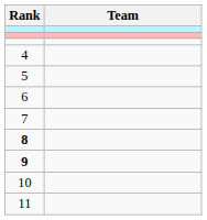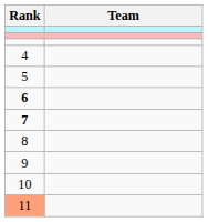 <table class="wikitable">
 <tr>
 <th width=40>Rank</th>
 <th width=180>Team</th>
 </tr>
 <tr bgcolor=#BBF3FF>
 <td align=center></td>
 <td></td>
 </tr>
 <tr bgcolor=#FFBBBB>
 <td align=center></td>
 <td></td>
 </tr>
 <tr>
 <td align=center></td>
 <td></td>
 </tr>
 <tr>
 <td align=center>4</td>
 <td></td>
 </tr>
 <tr>
 <td align=center>5</td>
 <td></td>
 </tr>
 <tr>
-<td align=center>6</td>
+<td align=center><strong>6</strong></td>
 <td></td>
 </tr>
 <tr>
-<td align=center>7</td>
+<td align=center><strong>7</strong></td>
 <td></td>
 </tr>
 <tr>
-<td align=center><strong>8</strong></td>
+<td align=center>8</td>
 <td></td>
 </tr>
 <tr>
-<td align=center><strong>9</strong></td>
+<td align=center>9</td>
 <td></td>
 </tr>
 <tr>
 <td align=center>10</td>
 <td></td>
 </tr>
 <tr>
-<td align=center>11</td>
+<td align=center style="background: lightsalmon;">11</td>
 <td></td>
 </tr>
 </table>
